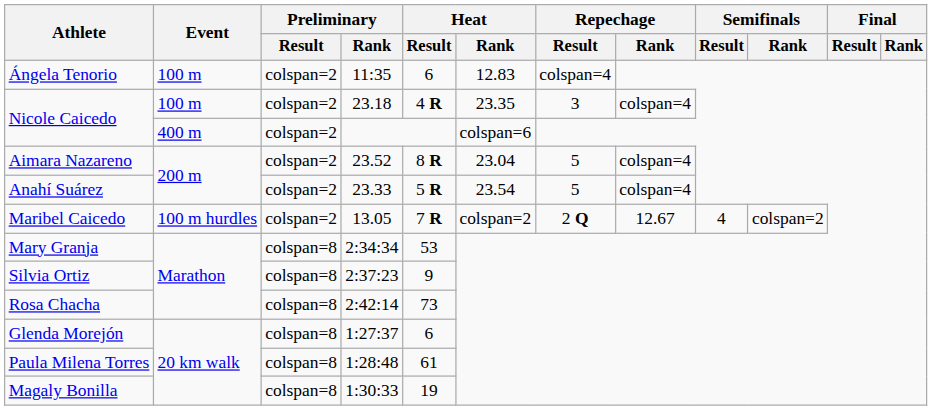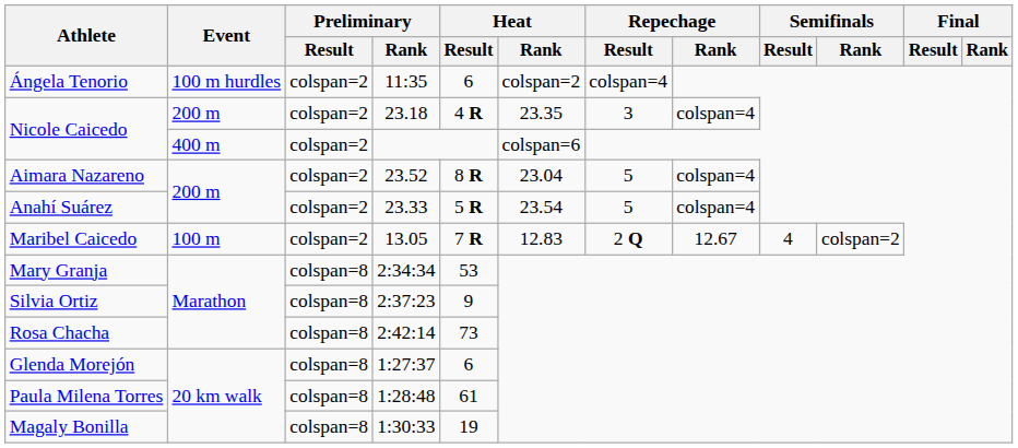 <table class="wikitable" style="font-size:90%">
 <tr>
 <th rowspan="2">Athlete</th>
 <th rowspan="2">Event</th>
 <th colspan="2">Preliminary</th>
 <th colspan="2">Heat</th>
 <th colspan="2">Repechage</th>
 <th colspan="2">Semifinals</th>
 <th colspan="2">Final</th>
 </tr>
 <tr style="font-size:95%">
 <th>Result</th>
 <th>Rank</th>
 <th>Result</th>
 <th>Rank</th>
 <th>Result</th>
 <th>Rank</th>
 <th>Result</th>
 <th>Rank</th>
 <th>Result</th>
 <th>Rank</th>
 </tr>
 <tr align=center>
 <td align=left><a href='#'>Ángela Tenorio</a></td>
-<td align=left><a href='#'>100 m</a></td>
+<td align=left><a href='#'>100 m hurdles</a></td>
 <td>colspan=2 </td>
 <td>11:35</td>
 <td>6</td>
-<td>12.83</td>
+<td>colspan=2 </td>
 <td>colspan=4 </td>
 </tr>
 <tr align=center>
 <td align=left rowspan=2><a href='#'>Nicole Caicedo</a></td>
-<td align=left><a href='#'>100 m</a></td>
+<td align=left><a href='#'>200 m</a></td>
 <td>colspan=2 </td>
 <td>23.18</td>
 <td>4 <strong>R</strong></td>
 <td>23.35</td>
 <td>3</td>
 <td>colspan=4 </td>
 </tr>
 <tr align=center>
 <td align=left><a href='#'>400 m</a></td>
 <td>colspan=2 </td>
 <td colspan=2></td>
 <td>colspan=6 </td>
 </tr>
 <tr align=center>
 <td align=left><a href='#'>Aimara Nazareno</a></td>
 <td align=left rowspan=2><a href='#'>200 m</a></td>
 <td>colspan=2 </td>
 <td>23.52</td>
 <td>8 <strong>R</strong></td>
 <td>23.04</td>
 <td>5</td>
 <td>colspan=4 </td>
 </tr>
 <tr align=center>
 <td align=left><a href='#'>Anahí Suárez</a></td>
 <td>colspan=2 </td>
 <td>23.33</td>
 <td>5 <strong>R</strong></td>
 <td>23.54</td>
 <td>5</td>
 <td>colspan=4 </td>
 </tr>
 <tr align=center>
 <td align=left><a href='#'>Maribel Caicedo</a></td>
-<td align=left><a href='#'>100 m hurdles</a></td>
+<td align=left><a href='#'>100 m</a></td>
 <td>colspan=2 </td>
 <td>13.05</td>
 <td>7 <strong>R</strong></td>
-<td>colspan=2 </td>
+<td>12.83</td>
 <td>2 <strong>Q</strong></td>
 <td>12.67</td>
 <td>4</td>
 <td>colspan=2 </td>
 </tr>
 <tr align=center>
 <td align=left><a href='#'>Mary Granja</a></td>
 <td align=left rowspan=3><a href='#'>Marathon</a></td>
 <td>colspan=8 </td>
 <td>2:34:34</td>
 <td>53</td>
 </tr>
 <tr align=center>
 <td align=left><a href='#'>Silvia Ortiz</a></td>
 <td>colspan=8 </td>
 <td>2:37:23</td>
 <td>9</td>
 </tr>
 <tr align=center>
 <td align=left><a href='#'>Rosa Chacha</a></td>
 <td>colspan=8 </td>
 <td>2:42:14</td>
 <td>73</td>
 </tr>
 <tr align=center>
 <td align=left><a href='#'>Glenda Morejón</a></td>
 <td align=left rowspan=3><a href='#'>20 km walk</a></td>
 <td>colspan=8 </td>
 <td>1:27:37</td>
 <td>6</td>
 </tr>
 <tr align=center>
 <td align=left><a href='#'>Paula Milena Torres</a></td>
 <td>colspan=8 </td>
 <td>1:28:48</td>
 <td>61</td>
 </tr>
 <tr align=center>
 <td align=left><a href='#'>Magaly Bonilla</a></td>
 <td>colspan=8 </td>
 <td>1:30:33</td>
 <td>19</td>
 </tr>
 </table>
